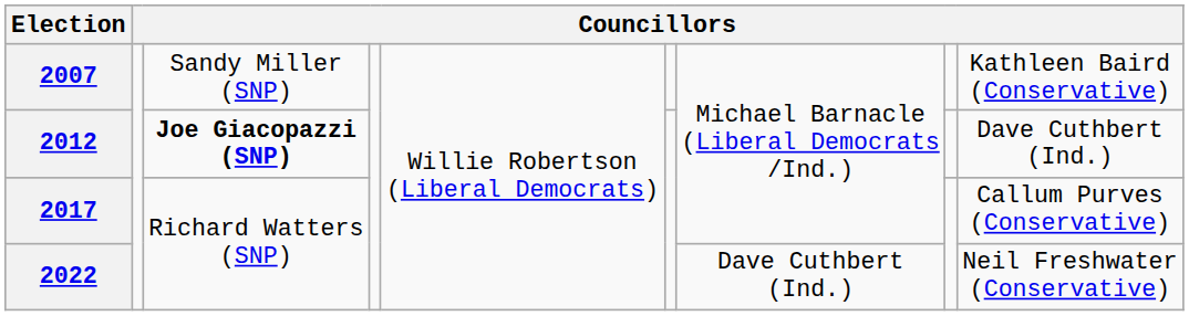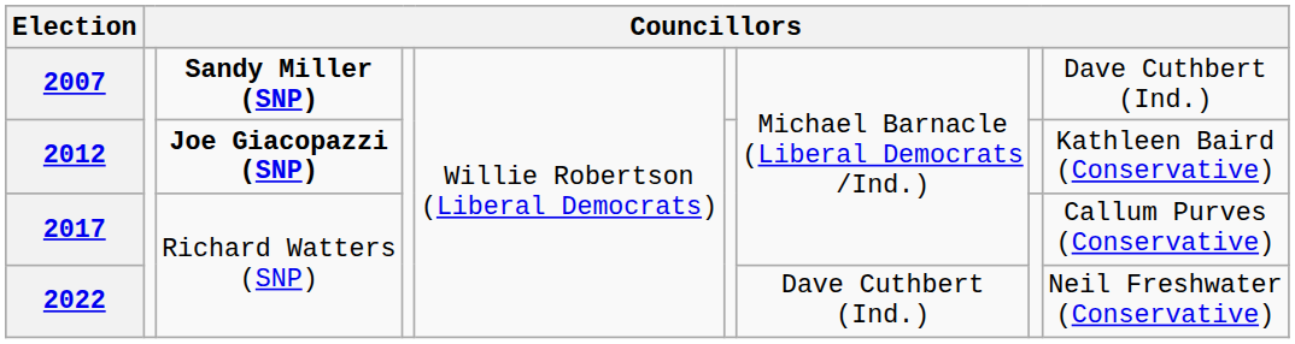 <table class="wikitable" style="text-align:center">
 <tr>
 <th>Election</th>
 <th colspan=8>Councillors</th>
 </tr>
 <tr>
 <th><a href='#'>2007</a></th>
 <td rowspan=4; style="background-color: "></td>
-<td rowspan=1>Sandy Miller<br>(<a href='#'>SNP</a>)</td>
+<td rowspan=1><strong>Sandy Miller<br>(<a href='#'>SNP</a>)</strong></td>
 <td rowspan=4; style="background-color: "></td>
 <td rowspan=4>Willie Robertson<br>(<a href='#'>Liberal Democrats</a>)</td>
 <td rowspan=1; style="background-color: "></td>
 <td rowspan=3>Michael Barnacle<br>(<a href='#'>Liberal Democrats</a><br>/Ind.)</td>
 <td rowspan=1; style="background-color: "></td>
-<td rowspan=1>Kathleen Baird<br>(<a href='#'>Conservative</a>)</td>
+<td rowspan=1>Dave Cuthbert<br>(Ind.)</td>
 </tr>
 <tr>
 <th><a href='#'>2012</a></th>
 <td rowspan=1><strong>Joe Giacopazzi<br>(<a href='#'>SNP</a>)</strong></td>
 <td rowspan=3; style="background-color: "></td>
 <td rowspan=1; style="background-color: "></td>
-<td rowspan=1>Dave Cuthbert<br>(Ind.)</td>
+<td rowspan=1>Kathleen Baird<br>(<a href='#'>Conservative</a>)</td>
 </tr>
 <tr>
 <th><a href='#'>2017</a></th>
 <td rowspan=2>Richard Watters<br>(<a href='#'>SNP</a>)</td>
 <td rowspan=2; style="background-color: "></td>
 <td rowspan=1>Callum Purves<br>(<a href='#'>Conservative</a>)</td>
 </tr>
 <tr>
 <th><a href='#'>2022</a></th>
 <td rowspan=1>Dave Cuthbert<br>(Ind.)</td>
 <td rowspan=1>Neil Freshwater<br>(<a href='#'>Conservative</a>)</td>
 </tr>
 </table>
